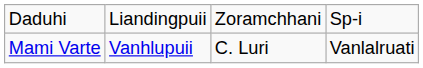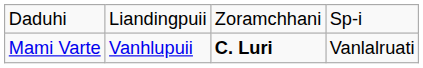 <table class="wikitable">
 <tr>
 <td>Daduhi</td>
 <td>Liandingpuii</td>
 <td>Zoramchhani</td>
 <td>Sp-i</td>
 </tr>
 <tr>
 <td><a href='#'>Mami Varte</a></td>
 <td><a href='#'>Vanhlupuii</a></td>
-<td>C. Luri</td>
+<td><strong>C. Luri</strong></td>
 <td>Vanlalruati</td>
 </tr>
 </table>
